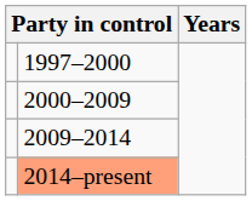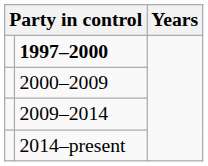 <table class="wikitable">
 <tr>
 <th colspan="2">Party in control</th>
 <th>Years</th>
 </tr>
 <tr>
 <td></td>
-<td>1997–2000</td>
+<td><strong>1997–2000</strong></td>
 </tr>
 <tr>
 <td></td>
 <td>2000–2009</td>
 </tr>
 <tr>
 <td></td>
 <td>2009–2014</td>
 </tr>
 <tr>
 <td></td>
-<td style="background: lightsalmon;">2014–present</td>
+<td>2014–present</td>
 </tr>
 </table>
